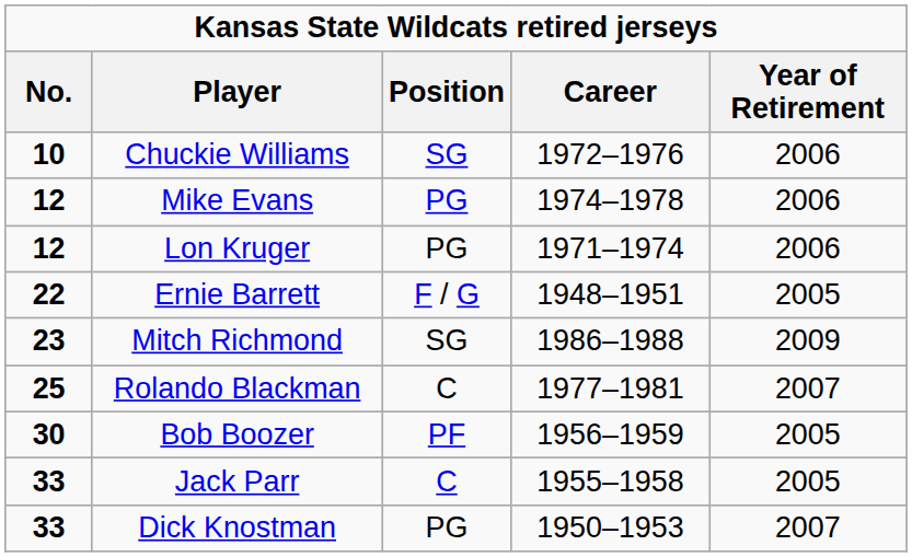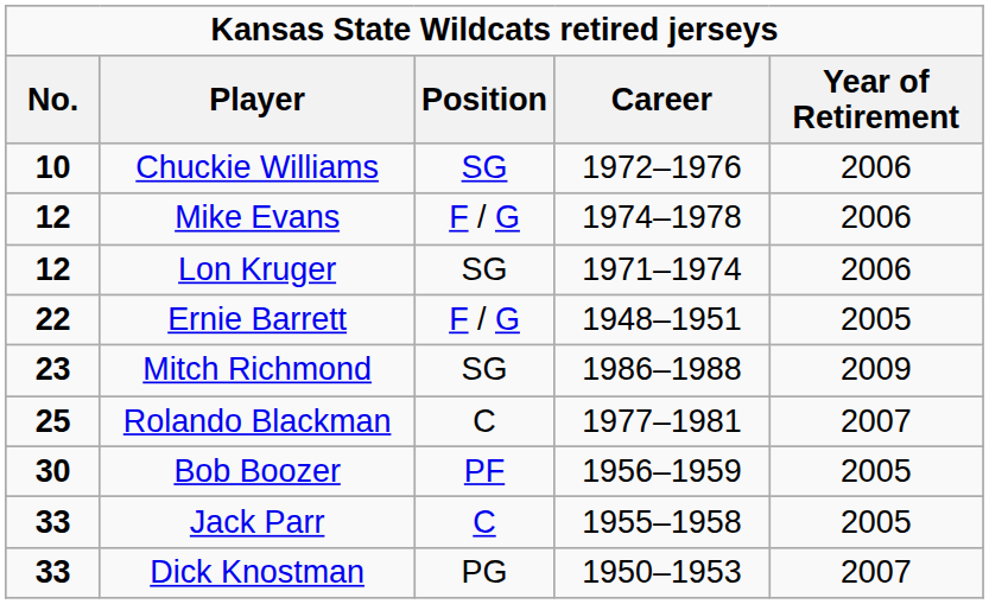 <table class="wikitable sortable" style="text-align:center">
 <tr>
 <td colspan="5"><strong>Kansas State Wildcats retired jerseys</strong></td>
 </tr>
 <tr>
 <th width=40px>No.</th>
 <th width=150px>Player</th>
 <th width=40px>Position</th>
 <th width=100px>Career</th>
 <th width=100px>Year of Retirement</th>
 </tr>
 <tr>
 <td><strong>10</strong></td>
 <td><a href='#'>Chuckie Williams</a></td>
 <td><a href='#'>SG</a></td>
 <td>1972–1976</td>
 <td>2006</td>
 </tr>
 <tr>
 <td><strong>12</strong></td>
 <td><a href='#'>Mike Evans</a></td>
-<td><a href='#'>PG</a></td>
+<td><a href='#'>F</a> / <a href='#'>G</a></td>
 <td>1974–1978</td>
 <td>2006</td>
 </tr>
 <tr>
 <td><strong>12</strong></td>
 <td><a href='#'>Lon Kruger</a></td>
-<td>PG</td>
+<td>SG</td>
 <td>1971–1974</td>
 <td>2006</td>
 </tr>
 <tr>
 <td><strong>22</strong></td>
 <td><a href='#'>Ernie Barrett</a></td>
 <td><a href='#'>F</a> / <a href='#'>G</a></td>
 <td>1948–1951</td>
 <td>2005</td>
 </tr>
 <tr>
 <td><strong>23</strong></td>
 <td><a href='#'>Mitch Richmond</a></td>
 <td>SG</td>
 <td>1986–1988</td>
 <td>2009</td>
 </tr>
 <tr>
 <td><strong>25</strong></td>
 <td><a href='#'>Rolando Blackman</a></td>
 <td>C</td>
 <td>1977–1981</td>
 <td>2007</td>
 </tr>
 <tr>
 <td><strong>30</strong></td>
 <td><a href='#'>Bob Boozer</a></td>
 <td><a href='#'>PF</a></td>
 <td>1956–1959</td>
 <td>2005</td>
 </tr>
 <tr>
 <td><strong>33</strong></td>
 <td><a href='#'>Jack Parr</a></td>
 <td><a href='#'>C</a></td>
 <td>1955–1958</td>
 <td>2005</td>
 </tr>
 <tr>
 <td><strong>33</strong></td>
 <td><a href='#'>Dick Knostman</a></td>
 <td>PG</td>
 <td>1950–1953</td>
 <td>2007</td>
 </tr>
 </table>
